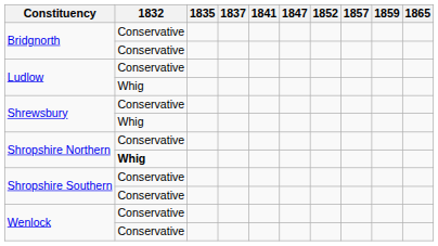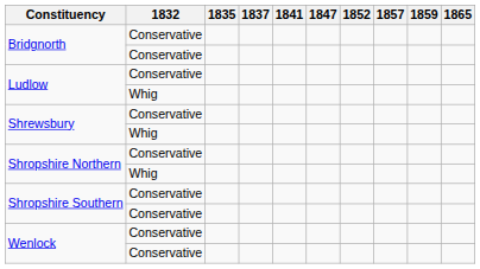 <table class=wikitable sortable>
 <tr>
 <th>Constituency</th>
 <th>1832</th>
 <th>1835</th>
 <th>1837</th>
 <th>1841</th>
 <th>1847</th>
 <th>1852</th>
 <th>1857</th>
 <th>1859</th>
 <th>1865</th>
 </tr>
 <tr>
 <td rowspan=2><a href='#'>Bridgnorth</a></td>
 <td bgcolor=>Conservative</td>
 <td></td>
 <td></td>
 <td></td>
 <td></td>
 <td></td>
 <td></td>
 <td></td>
 <td></td>
 </tr>
 <tr>
 <td bgcolor=>Conservative</td>
 <td></td>
 <td></td>
 <td></td>
 <td></td>
 <td></td>
 <td></td>
 <td></td>
 <td></td>
 </tr>
 <tr>
 <td rowspan=2><a href='#'>Ludlow</a></td>
 <td bgcolor=>Conservative</td>
 <td></td>
 <td></td>
 <td></td>
 <td></td>
 <td></td>
 <td></td>
 <td></td>
 <td></td>
 </tr>
 <tr>
 <td bgcolor=>Whig</td>
 <td></td>
 <td></td>
 <td></td>
 <td></td>
 <td></td>
 <td></td>
 <td></td>
 <td></td>
 </tr>
 <tr>
 <td rowspan=2><a href='#'>Shrewsbury</a></td>
 <td bgcolor=>Conservative</td>
 <td></td>
 <td></td>
 <td></td>
 <td></td>
 <td></td>
 <td></td>
 <td></td>
 <td></td>
 </tr>
 <tr>
 <td bgcolor=>Whig</td>
 <td></td>
 <td></td>
 <td></td>
 <td></td>
 <td></td>
 <td></td>
 <td></td>
 <td></td>
 </tr>
 <tr>
 <td rowspan=2><a href='#'>Shropshire Northern</a></td>
 <td bgcolor=>Conservative</td>
 <td></td>
 <td></td>
 <td></td>
 <td></td>
 <td></td>
 <td></td>
 <td></td>
 <td></td>
 </tr>
 <tr>
-<td bgcolor=><strong>Whig</strong></td>
+<td bgcolor=>Whig</td>
 <td></td>
 <td></td>
 <td></td>
 <td></td>
 <td></td>
 <td></td>
 <td></td>
 <td></td>
 </tr>
 <tr>
 <td rowspan=2><a href='#'>Shropshire Southern</a></td>
 <td bgcolor=>Conservative</td>
 <td></td>
 <td></td>
 <td></td>
 <td></td>
 <td></td>
 <td></td>
 <td></td>
 <td></td>
 </tr>
 <tr>
 <td bgcolor=>Conservative</td>
 <td></td>
 <td></td>
 <td></td>
 <td></td>
 <td></td>
 <td></td>
 <td></td>
 <td></td>
 </tr>
 <tr>
 <td rowspan=2><a href='#'>Wenlock</a></td>
 <td bgcolor=>Conservative</td>
 <td></td>
 <td></td>
 <td></td>
 <td></td>
 <td></td>
 <td></td>
 <td></td>
 <td></td>
 </tr>
 <tr>
 <td bgcolor=>Conservative</td>
 <td></td>
 <td></td>
 <td></td>
 <td></td>
 <td></td>
 <td></td>
 <td></td>
 <td></td>
 </tr>
 </table>
